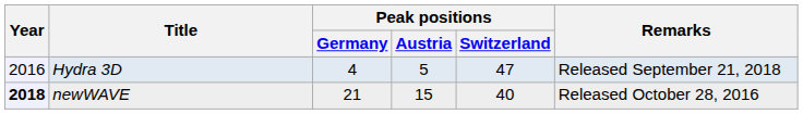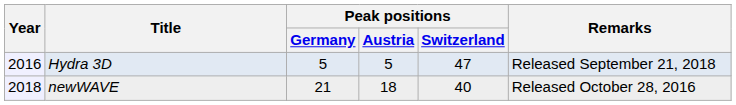 <table class="wikitable">
 <tr class="hintergrundfarbe8">
 <th rowspan="2">Year</th>
 <th width="250" rowspan="2">Title</th>
 <th colspan="3">Peak positions</th>
 <th width="230" rowspan="2">Remarks</th>
 </tr>
 <tr class="hintergrundfarbe8">
 <th width="50"><a href='#'>Germany</a><br></th>
 <th width="50"><a href='#'>Austria</a></th>
 <th width="50"><a href='#'>Switzerland</a><br></th>
 </tr>
 <tr bgcolor="#E1E9F3">
 <td bgcolor="#f0f0ff">2016</td>
 <td><em>Hydra 3D</em></td>
-<td align="center" >4</td>
+<td align="center" >5</td>
 <td align="center" >5</td>
 <td align="center" >47</td>
 <td>Released September 21, 2018</td>
 </tr>
 <tr bgcolor="#eeeeee">
-<td bgcolor="#f0f0ff"><strong>2018</strong></td>
+<td bgcolor="#f0f0ff">2018</td>
 <td><em>newWAVE</em></td>
 <td align="center" >21</td>
-<td align="center" >15</td>
+<td align="center" >18</td>
 <td align="center" >40</td>
 <td>Released October 28, 2016</td>
 </tr>
 </table>
